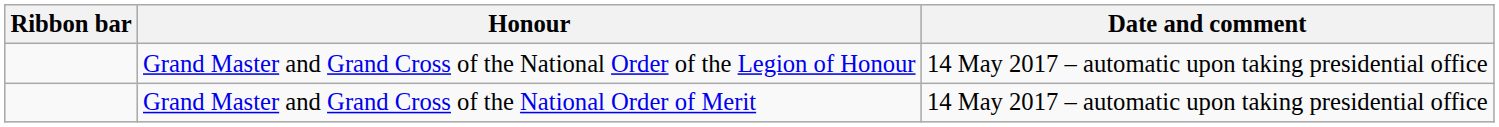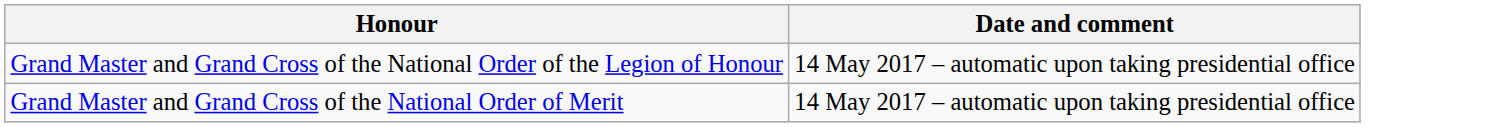 <table class="wikitable">
 <tr>
-<th style="text-align: center;">Ribbon bar</th>
 <th>Honour</th>
 <th>Date and comment</th>
 </tr>
 <tr>
-<td></td>
 <td><a href='#'>Grand Master</a> and <a href='#'>Grand Cross</a> of the National <a href='#'>Order</a> of the <a href='#'>Legion of Honour</a></td>
 <td>14 May 2017 – automatic upon taking presidential office</td>
 </tr>
 <tr>
-<td></td>
 <td><a href='#'>Grand Master</a> and <a href='#'>Grand Cross</a> of the <a href='#'>National Order of Merit</a></td>
 <td>14 May 2017 – automatic upon taking presidential office</td>
 </tr>
 </table>
